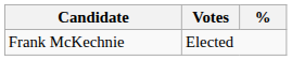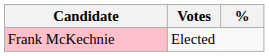 <table class="wikitable">
 <tr>
 <th style="width: 170px">Candidate</th>
 <th style="width: 50px">Votes</th>
 <th style="width: 40px">%</th>
 </tr>
 <tr>
-<td>Frank McKechnie</td>
+<td style="background: pink;">Frank McKechnie</td>
 <td colspan="2">Elected </td>
 </tr>
 </table>
